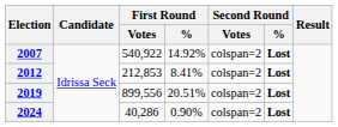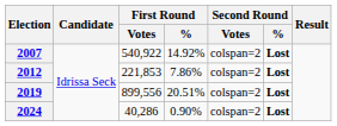 <table class="wikitable" style="text-align:center">
 <tr>
 <th rowspan="2">Election</th>
 <th rowspan="2">Candidate</th>
 <th colspan="2">First Round</th>
 <th colspan="2">Second Round</th>
 <th rowspan="2">Result</th>
 </tr>
 <tr>
 <th><strong>Votes</strong></th>
 <th><strong>%</strong></th>
 <th><strong>Votes</strong></th>
 <th><strong>%</strong></th>
 </tr>
 <tr>
 <th><a href='#'>2007</a></th>
 <td rowspan="4"><a href='#'>Idrissa Seck</a></td>
 <td>540,922</td>
 <td>14.92%</td>
 <td>colspan=2 </td>
 <td><strong>Lost</strong> </td>
 </tr>
 <tr>
 <th><a href='#'>2012</a></th>
-<td>212,853</td>
-<td>8.41%</td>
+<td>221,853</td>
+<td>7.86%</td>
 <td>colspan=2 </td>
 <td><strong>Lost</strong> </td>
 </tr>
 <tr>
 <th><a href='#'>2019</a></th>
 <td>899,556</td>
 <td>20.51%</td>
 <td>colspan=2 </td>
 <td><strong>Lost</strong> </td>
 </tr>
 <tr>
 <th><a href='#'>2024</a></th>
 <td>40,286</td>
 <td>0.90%</td>
 <td>colspan=2 </td>
 <td><strong>Lost</strong> </td>
 </tr>
 </table>
